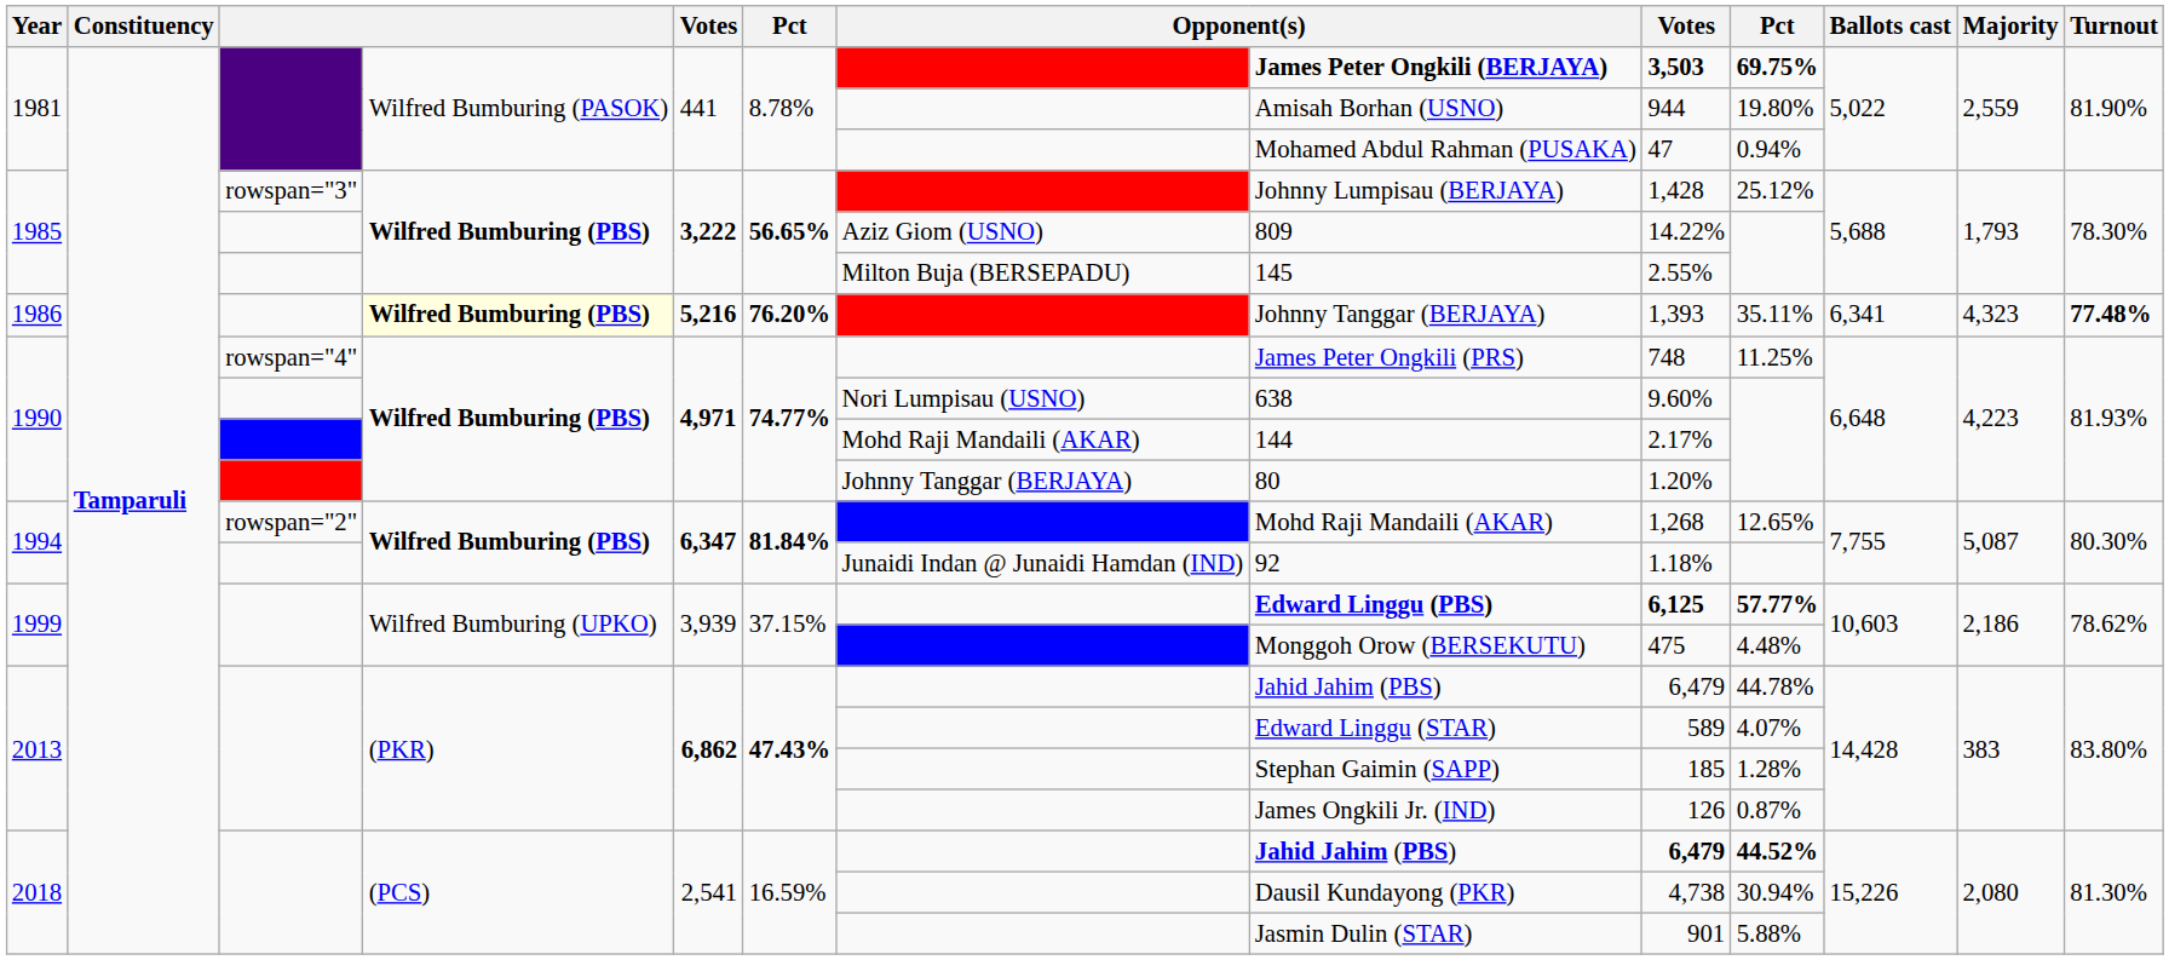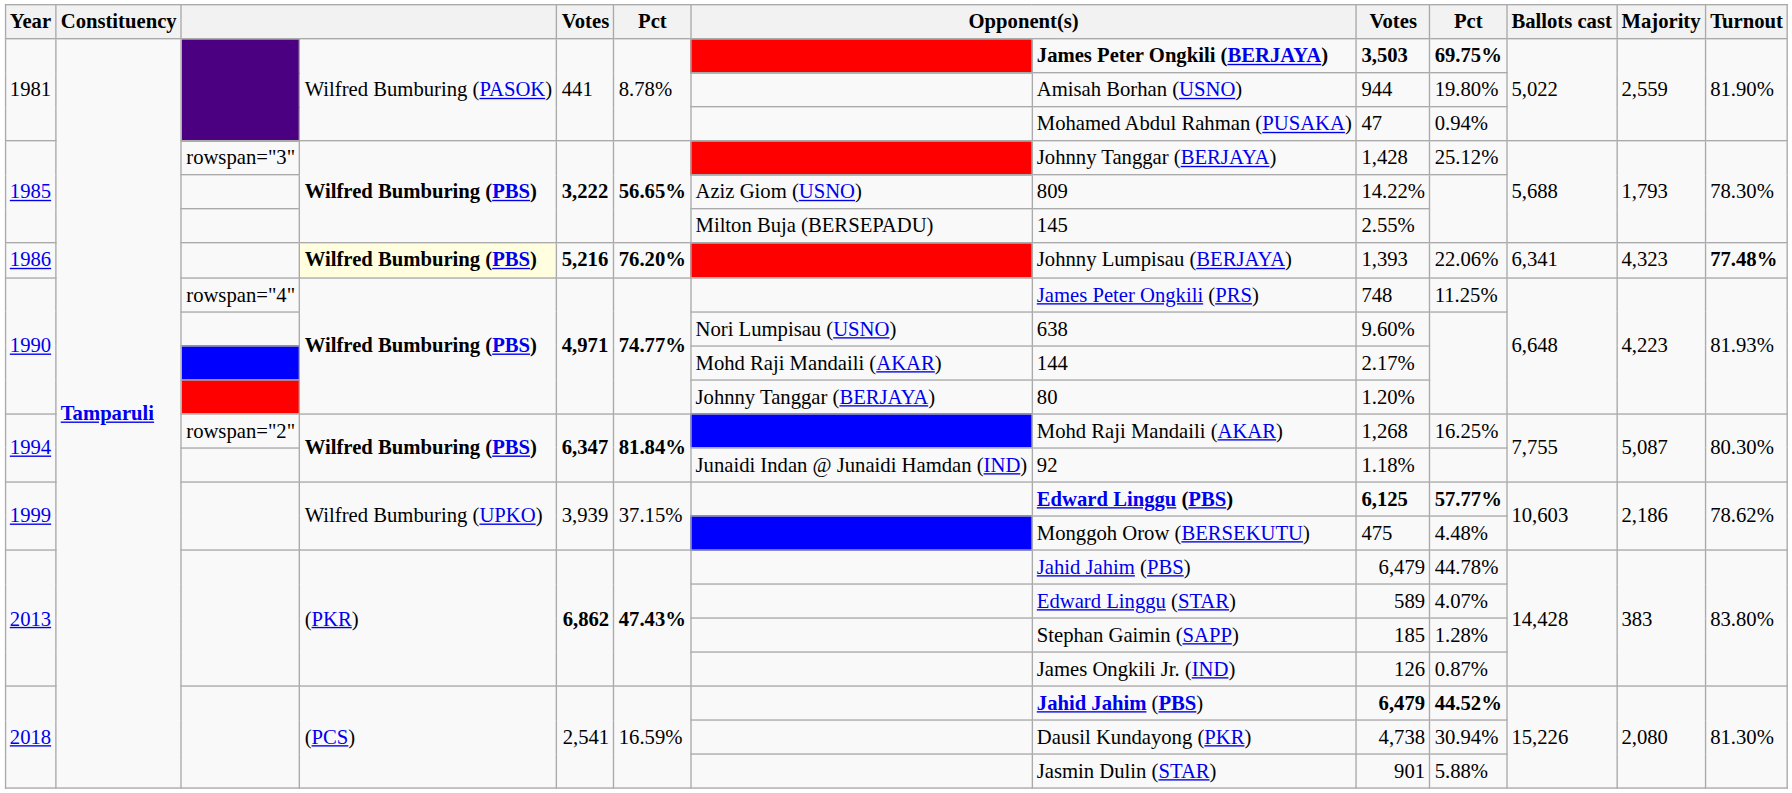 <table class="wikitable" style="margin:0.5em ; font-size:95%">
 <tr>
 <th>Year</th>
 <th>Constituency</th>
 <th colspan=2></th>
 <th>Votes</th>
 <th>Pct</th>
 <th colspan=2>Opponent(s)</th>
 <th>Votes</th>
 <th>Pct</th>
 <th>Ballots cast</th>
 <th>Majority</th>
 <th>Turnout</th>
 </tr>
 <tr>
 <td rowspan="3">1981</td>
 <td rowspan="22"><strong><a href='#'>Tamparuli</a></strong></td>
 <td rowspan="3" bgcolor= indigo></td>
 <td rowspan="3">Wilfred Bumburing (<a href='#'>PASOK</a>)</td>
 <td rowspan="3">441</td>
 <td rowspan="3">8.78%</td>
 <td bgcolor= red></td>
 <td><strong>James Peter Ongkili (<a href='#'>BERJAYA</a>)</strong></td>
 <td><strong>3,503</strong></td>
 <td><strong>69.75%</strong></td>
 <td rowspan="3">5,022</td>
 <td rowspan="3">2,559</td>
 <td rowspan="3">81.90%</td>
 </tr>
 <tr>
 <td></td>
 <td>Amisah Borhan (<a href='#'>USNO</a>)</td>
 <td>944</td>
 <td>19.80%</td>
 </tr>
 <tr>
 <td></td>
 <td>Mohamed Abdul Rahman (<a href='#'>PUSAKA</a>)</td>
 <td>47</td>
 <td>0.94%</td>
 </tr>
 <tr>
 <td rowspan="3"><a href='#'>1985</a></td>
 <td>rowspan="3"  </td>
 <td rowspan="3"><strong>Wilfred Bumburing (<a href='#'>PBS</a>)</strong></td>
 <td rowspan="3"><strong>3,222</strong></td>
 <td rowspan="3"><strong>56.65%</strong></td>
 <td bgcolor= red></td>
-<td>Johnny Lumpisau (<a href='#'>BERJAYA</a>)</td>
+<td>Johnny Tanggar (<a href='#'>BERJAYA</a>)</td>
 <td>1,428</td>
 <td>25.12%</td>
 <td rowspan="3">5,688</td>
 <td rowspan="3">1,793</td>
 <td rowspan="3">78.30%</td>
 </tr>
 <tr>
 <td></td>
 <td>Aziz Giom (<a href='#'>USNO</a>)</td>
 <td>809</td>
 <td>14.22%</td>
 </tr>
 <tr>
 <td></td>
 <td>Milton Buja (BERSEPADU)</td>
 <td>145</td>
 <td>2.55%</td>
 </tr>
 <tr>
 <td><a href='#'>1986</a></td>
 <td></td>
 <td style="background: lightyellow;"><strong>Wilfred Bumburing (<a href='#'>PBS</a>)</strong></td>
 <td><strong>5,216</strong></td>
 <td><strong>76.20%</strong></td>
 <td bgcolor= red></td>
-<td>Johnny Tanggar (<a href='#'>BERJAYA</a>)</td>
+<td>Johnny Lumpisau (<a href='#'>BERJAYA</a>)</td>
 <td>1,393</td>
-<td>35.11%</td>
+<td>22.06%</td>
 <td>6,341</td>
 <td>4,323</td>
 <td><strong>77.48%</strong></td>
 </tr>
 <tr>
 <td rowspan="4"><a href='#'>1990</a></td>
 <td>rowspan="4" </td>
 <td rowspan="4"><strong>Wilfred Bumburing (<a href='#'>PBS</a>)</strong></td>
 <td rowspan="4"><strong>4,971</strong></td>
 <td rowspan="4"><strong>74.77%</strong></td>
 <td></td>
 <td><a href='#'>James Peter Ongkili</a> (<a href='#'>PRS</a>)</td>
 <td>748</td>
 <td>11.25%</td>
 <td rowspan="4">6,648</td>
 <td rowspan="4">4,223</td>
 <td rowspan="4">81.93%</td>
 </tr>
 <tr>
 <td></td>
 <td>Nori Lumpisau (<a href='#'>USNO</a>)</td>
 <td>638</td>
 <td>9.60%</td>
 </tr>
 <tr>
 <td bgcolor= blue></td>
 <td>Mohd Raji Mandaili (<a href='#'>AKAR</a>)</td>
 <td>144</td>
 <td>2.17%</td>
 </tr>
 <tr>
 <td bgcolor= red></td>
 <td>Johnny Tanggar (<a href='#'>BERJAYA</a>)</td>
 <td>80</td>
 <td>1.20%</td>
 </tr>
 <tr>
 <td rowspan="2"><a href='#'>1994</a></td>
 <td>rowspan="2"  </td>
 <td rowspan="2"><strong>Wilfred Bumburing (<a href='#'>PBS</a>)</strong></td>
 <td rowspan="2"><strong>6,347</strong></td>
 <td rowspan="2"><strong>81.84%</strong></td>
 <td bgcolor= blue></td>
 <td>Mohd Raji Mandaili (<a href='#'>AKAR</a>)</td>
 <td>1,268</td>
-<td>12.65%</td>
+<td>16.25%</td>
 <td rowspan="2">7,755</td>
 <td rowspan="2">5,087</td>
 <td rowspan="2">80.30%</td>
 </tr>
 <tr>
 <td></td>
 <td>Junaidi Indan @ Junaidi Hamdan (<a href='#'>IND</a>)</td>
 <td>92</td>
 <td>1.18%</td>
 </tr>
 <tr>
 <td rowspan="2"><a href='#'>1999</a></td>
 <td rowspan="2" ></td>
 <td rowspan="2">Wilfred Bumburing (<a href='#'>UPKO</a>)</td>
 <td rowspan="2">3,939</td>
 <td rowspan="2">37.15%</td>
 <td></td>
 <td><strong><a href='#'>Edward Linggu</a></strong> <strong>(<a href='#'>PBS</a>)</strong></td>
 <td><strong>6,125</strong></td>
 <td><strong>57.77%</strong></td>
 <td rowspan="2">10,603</td>
 <td rowspan="2">2,186</td>
 <td rowspan="2">78.62%</td>
 </tr>
 <tr>
 <td bgcolor= blue></td>
 <td>Monggoh Orow (<a href='#'>BERSEKUTU</a>)</td>
 <td>475</td>
 <td>4.48%</td>
 </tr>
 <tr>
 <td rowspan="4"><a href='#'>2013</a></td>
 <td rowspan="4" ></td>
 <td rowspan="4"> (<a href='#'>PKR</a>)</td>
 <td rowspan="4" align="right"><strong>6,862</strong></td>
 <td rowspan="4"><strong>47.43%</strong></td>
 <td></td>
 <td><a href='#'>Jahid Jahim</a> (<a href='#'>PBS</a>)</td>
 <td align="right">6,479</td>
 <td>44.78%</td>
 <td rowspan="4">14,428</td>
 <td rowspan="4">383</td>
 <td rowspan="4">83.80%</td>
 </tr>
 <tr>
 <td></td>
 <td><a href='#'>Edward Linggu</a> (<a href='#'>STAR</a>)</td>
 <td align="right">589</td>
 <td>4.07%</td>
 </tr>
 <tr>
 <td></td>
 <td>Stephan Gaimin (<a href='#'>SAPP</a>)</td>
 <td align="right">185</td>
 <td>1.28%</td>
 </tr>
 <tr>
 <td></td>
 <td>James Ongkili Jr. (<a href='#'>IND</a>)</td>
 <td align="right">126</td>
 <td>0.87%</td>
 </tr>
 <tr>
 <td rowspan=3><a href='#'>2018</a></td>
 <td rowspan=3></td>
 <td rowspan=3> (<a href='#'>PCS</a>)</td>
 <td rowspan=3 align="right">2,541</td>
 <td rowspan=3>16.59%</td>
 <td></td>
 <td><strong><a href='#'>Jahid Jahim</a></strong> (<a href='#'><strong>PBS</strong></a>)</td>
 <td align="right"><strong>6,479</strong></td>
 <td><strong>44.52%</strong></td>
 <td rowspan=3>15,226</td>
 <td rowspan=3>2,080</td>
 <td rowspan=3>81.30%</td>
 </tr>
 <tr>
 <td></td>
 <td>Dausil Kundayong (<a href='#'>PKR</a>)</td>
 <td align="right">4,738</td>
 <td>30.94%</td>
 </tr>
 <tr>
 <td></td>
 <td>Jasmin Dulin (<a href='#'>STAR</a>)</td>
 <td align="right">901</td>
 <td>5.88%</td>
 </tr>
 </table>
